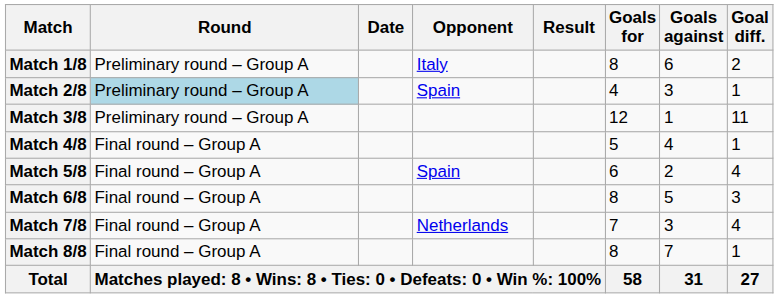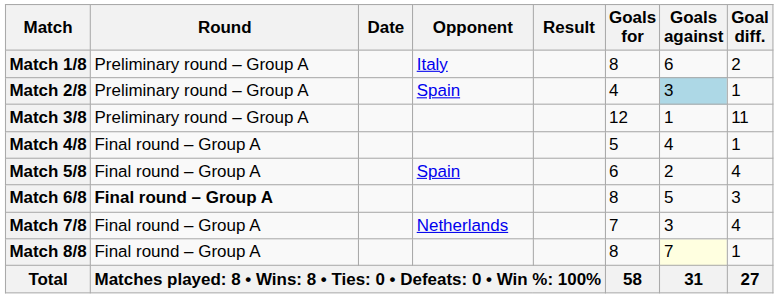 <table class="wikitable sortable sticky-header defaultcenter col3right col4left" style="font-size: 100%; margin-left: 1em;">
 <tr>
 <th scope="col">Match</th>
 <th scope="col">Round</th>
 <th scope="col">Date</th>
 <th scope="col">Opponent</th>
 <th scope="col">Result</th>
 <th scope="col">Goals<br>for</th>
 <th scope="col">Goals<br>against</th>
 <th scope="col">Goal<br>diff.</th>
 </tr>
 <tr>
 <th scope="row">Match 1/8</th>
 <td>Preliminary round – Group A</td>
 <td></td>
 <td data-sort-value="Italy"> <a href='#'>Italy</a></td>
 <td></td>
 <td>8</td>
 <td>6</td>
 <td>2</td>
 </tr>
 <tr>
 <th scope="row">Match 2/8</th>
-<td style="background: lightblue;">Preliminary round – Group A</td>
+<td>Preliminary round – Group A</td>
 <td></td>
 <td data-sort-value="Spain"> <a href='#'>Spain</a></td>
 <td></td>
 <td>4</td>
-<td>3</td>
+<td style="background: lightblue;">3</td>
 <td>1</td>
 </tr>
 <tr>
 <th scope="row">Match 3/8</th>
 <td>Preliminary round – Group A</td>
 <td></td>
 <td></td>
 <td></td>
 <td>12</td>
 <td>1</td>
 <td>11</td>
 </tr>
 <tr>
 <th scope="row">Match 4/8</th>
 <td>Final round – Group A</td>
 <td></td>
 <td></td>
 <td></td>
 <td>5</td>
 <td>4</td>
 <td>1</td>
 </tr>
 <tr>
 <th scope="row">Match 5/8</th>
 <td>Final round – Group A</td>
 <td></td>
 <td data-sort-value="Spain"> <a href='#'>Spain</a></td>
 <td></td>
 <td>6</td>
 <td>2</td>
 <td>4</td>
 </tr>
 <tr>
 <th scope="row">Match 6/8</th>
-<td>Final round – Group A</td>
+<td><strong>Final round – Group A</strong></td>
 <td></td>
 <td></td>
 <td></td>
 <td>8</td>
 <td>5</td>
 <td>3</td>
 </tr>
 <tr>
 <th scope="row">Match 7/8</th>
 <td>Final round – Group A</td>
 <td></td>
 <td data-sort-value="Netherlands"> <a href='#'>Netherlands</a></td>
 <td></td>
 <td>7</td>
 <td>3</td>
 <td>4</td>
 </tr>
 <tr>
 <th scope="row">Match 8/8</th>
 <td>Final round – Group A</td>
 <td></td>
 <td></td>
 <td></td>
 <td>8</td>
-<td>7</td>
+<td style="background: lightyellow;">7</td>
 <td>1</td>
 </tr>
 <tr class="sortbottom">
 <th>Total</th>
 <th colspan="4">Matches played: 8 • Wins: 8 • Ties: 0 • Defeats: 0 • Win %: 100%</th>
 <th>58</th>
 <th>31</th>
 <th>27</th>
 </tr>
 </table>
